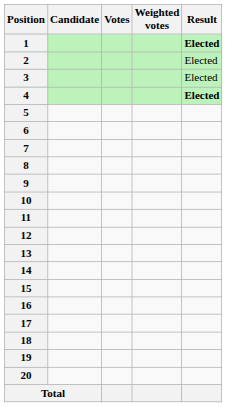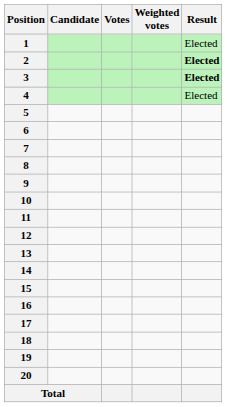 <table class="wikitable sortable">
 <tr>
 <th scope="col">Position</th>
 <th scope="col">Candidate</th>
 <th scope="col">Votes</th>
 <th scope="col">Weighted<br>votes</th>
 <th scope="col">Result</th>
 </tr>
 <tr bgcolor=bbf3bb>
 <th scope="row">1</th>
 <td></td>
 <td style="text-align:right"></td>
 <td style="text-align:right"></td>
-<td><strong>Elected</strong></td>
+<td>Elected</td>
 </tr>
 <tr bgcolor=bbf3bb>
 <th scope="row">2</th>
 <td></td>
 <td style="text-align:right"></td>
 <td style="text-align:right"></td>
-<td>Elected</td>
+<td><strong>Elected</strong></td>
 </tr>
 <tr bgcolor=bbf3bb>
 <th scope="row">3</th>
 <td></td>
 <td style="text-align:right"></td>
 <td style="text-align:right"></td>
-<td>Elected</td>
+<td><strong>Elected</strong></td>
 </tr>
 <tr bgcolor=bbf3bb>
 <th scope="row">4</th>
 <td></td>
 <td style="text-align:right"></td>
 <td style="text-align:right"></td>
-<td><strong>Elected</strong></td>
+<td>Elected</td>
 </tr>
 <tr>
 <th scope="row">5</th>
 <td></td>
 <td style="text-align:right"></td>
 <td style="text-align:right"></td>
 <td></td>
 </tr>
 <tr>
 <th scope="row">6</th>
 <td></td>
 <td style="text-align:right"></td>
 <td style="text-align:right"></td>
 <td></td>
 </tr>
 <tr>
 <th scope="row">7</th>
 <td></td>
 <td style="text-align:right"></td>
 <td style="text-align:right"></td>
 <td></td>
 </tr>
 <tr>
 <th scope="row">8</th>
 <td></td>
 <td style="text-align:right"></td>
 <td style="text-align:right"></td>
 <td></td>
 </tr>
 <tr>
 <th scope="row">9</th>
 <td></td>
 <td style="text-align:right"></td>
 <td style="text-align:right"></td>
 <td></td>
 </tr>
 <tr>
 <th scope="row">10</th>
 <td></td>
 <td style="text-align:right"></td>
 <td style="text-align:right"></td>
 <td></td>
 </tr>
 <tr>
 <th scope="row">11</th>
 <td></td>
 <td style="text-align:right"></td>
 <td style="text-align:right"></td>
 <td></td>
 </tr>
 <tr>
 <th scope="row">12</th>
 <td></td>
 <td style="text-align:right"></td>
 <td style="text-align:right"></td>
 <td></td>
 </tr>
 <tr>
 <th scope="row">13</th>
 <td></td>
 <td style="text-align:right"></td>
 <td style="text-align:right"></td>
 <td></td>
 </tr>
 <tr>
 <th scope="row">14</th>
 <td></td>
 <td style="text-align:right"></td>
 <td style="text-align:right"></td>
 <td></td>
 </tr>
 <tr>
 <th scope="row">15</th>
 <td></td>
 <td style="text-align:right"></td>
 <td style="text-align:right"></td>
 <td></td>
 </tr>
 <tr>
 <th scope="row">16</th>
 <td></td>
 <td style="text-align:right"></td>
 <td style="text-align:right"></td>
 <td></td>
 </tr>
 <tr>
 <th scope="row">17</th>
 <td></td>
 <td style="text-align:right"></td>
 <td style="text-align:right"></td>
 <td></td>
 </tr>
 <tr>
 <th scope="row">18</th>
 <td></td>
 <td style="text-align:right"></td>
 <td style="text-align:right"></td>
 <td></td>
 </tr>
 <tr>
 <th scope="row">19</th>
 <td></td>
 <td style="text-align:right"></td>
 <td style="text-align:right"></td>
 <td></td>
 </tr>
 <tr>
 <th scope="row">20</th>
 <td></td>
 <td style="text-align:right"></td>
 <td style="text-align:right"></td>
 <td></td>
 </tr>
 <tr class="sortbottom">
 <th scope="row" colspan="2">Total</th>
 <th style="text-align:right"></th>
 <th style="text-align:right"></th>
 <th></th>
 </tr>
 </table>
